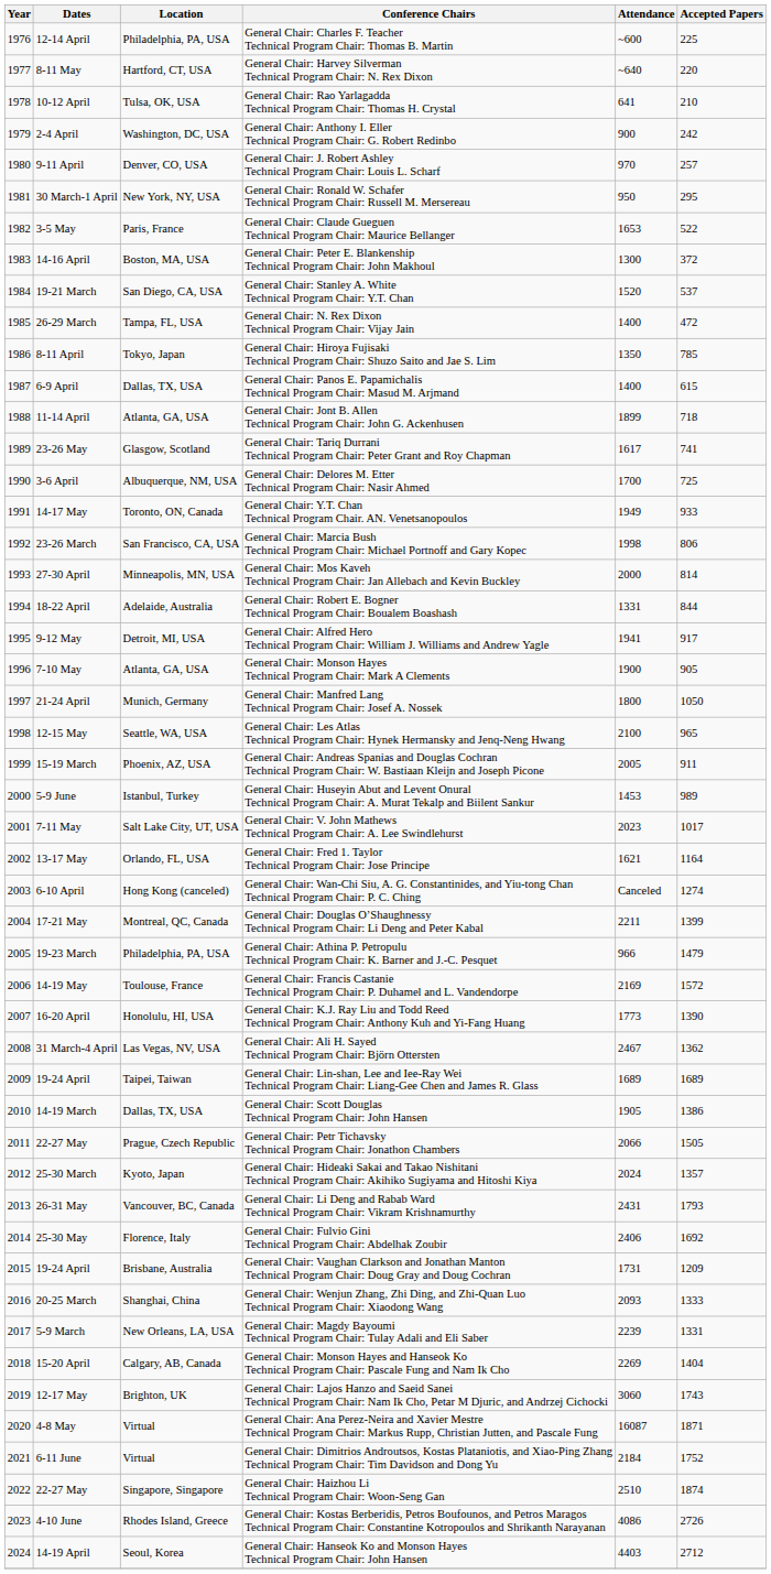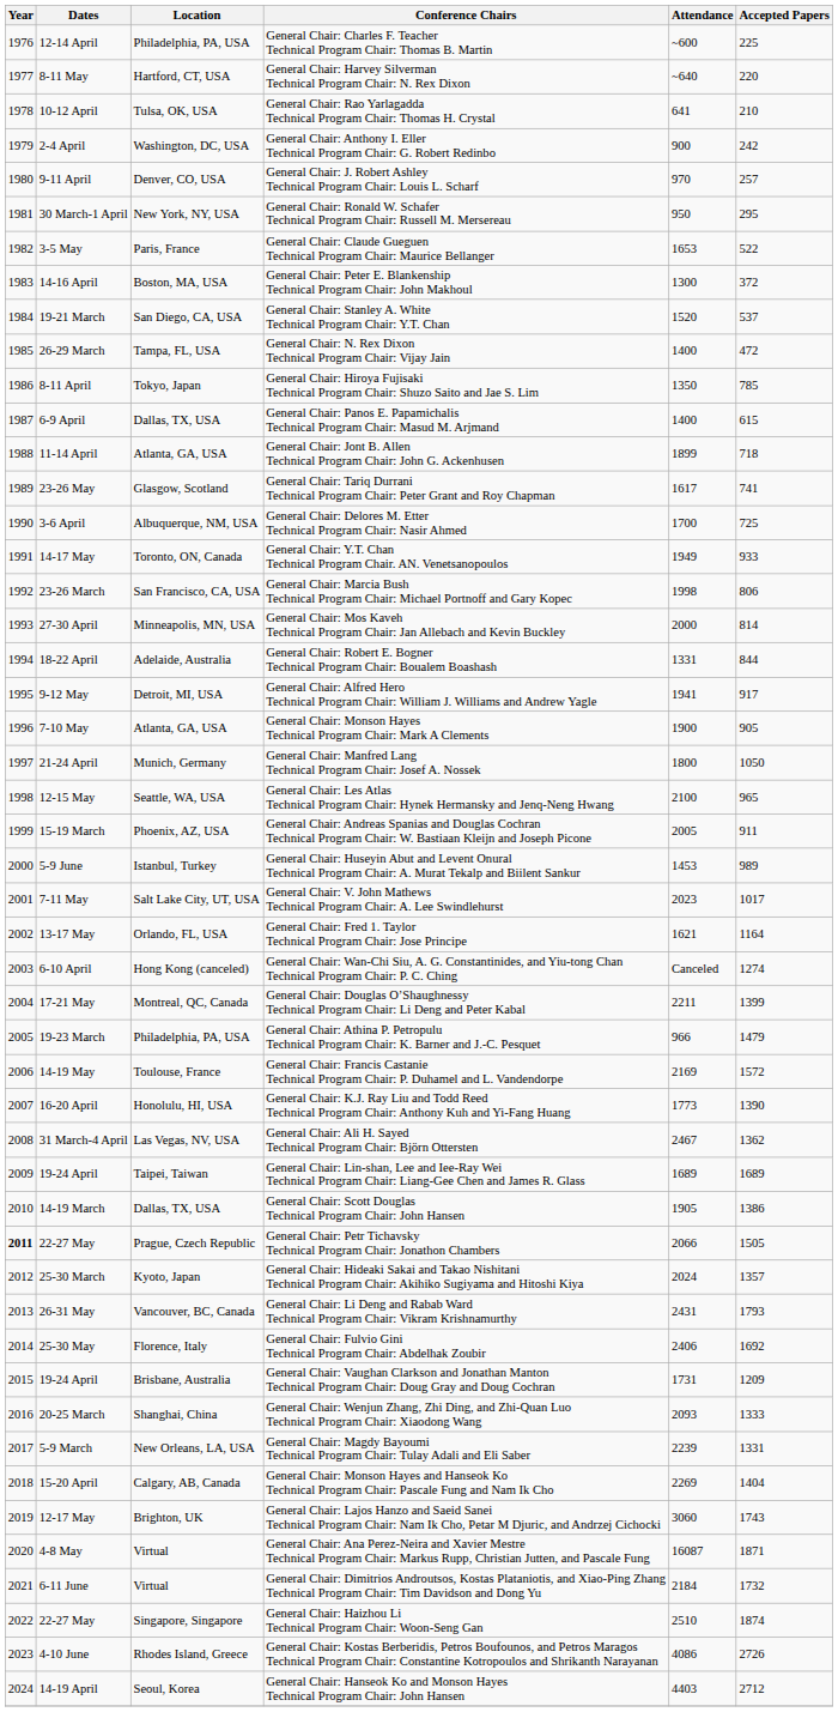 <table class="wikitable sortable mw-collapsible">
 <tr>
 <th>Year</th>
 <th>Dates</th>
 <th>Location</th>
 <th><strong>Conference Chairs</strong></th>
 <th><strong>Attendance</strong></th>
 <th>Accepted Papers</th>
 </tr>
 <tr>
 <td>1976</td>
 <td>12-14 April</td>
 <td>Philadelphia, PA, USA</td>
 <td>General Chair: Charles F. Teacher<br>Technical Program Chair: Thomas B. Martin</td>
 <td>~600</td>
 <td>225</td>
 </tr>
 <tr>
 <td>1977</td>
 <td>8-11 May</td>
 <td>Hartford, CT, USA</td>
 <td>General Chair: Harvey Silverman<br>Technical Program Chair: N. Rex Dixon</td>
 <td>~640</td>
 <td>220</td>
 </tr>
 <tr>
 <td>1978</td>
 <td>10-12 April</td>
 <td>Tulsa, OK, USA</td>
 <td>General Chair: Rao Yarlagadda<br>Technical Program Chair: Thomas H. Crystal</td>
 <td>641</td>
 <td>210</td>
 </tr>
 <tr>
 <td>1979</td>
 <td>2-4 April</td>
 <td>Washington, DC, USA</td>
 <td>General Chair: Anthony I. Eller<br>Technical Program Chair: G. Robert Redinbo</td>
 <td>900</td>
 <td>242</td>
 </tr>
 <tr>
 <td>1980</td>
 <td>9-11 April</td>
 <td>Denver, CO, USA</td>
 <td>General Chair: J. Robert Ashley<br>Technical Program Chair: Louis L. Scharf</td>
 <td>970</td>
 <td>257</td>
 </tr>
 <tr>
 <td>1981</td>
 <td>30 March-1 April</td>
 <td>New York, NY, USA</td>
 <td>General Chair: Ronald W. Schafer<br>Technical Program Chair: Russell M. Mersereau</td>
 <td>950</td>
 <td>295</td>
 </tr>
 <tr>
 <td>1982</td>
 <td>3-5 May</td>
 <td>Paris, France</td>
 <td>General Chair: Claude Gueguen<br>Technical Program Chair: Maurice Bellanger</td>
 <td>1653</td>
 <td>522</td>
 </tr>
 <tr>
 <td>1983</td>
 <td>14-16 April</td>
 <td>Boston, MA, USA</td>
 <td>General Chair: Peter E. Blankenship<br>Technical Program Chair: John Makhoul</td>
 <td>1300</td>
 <td>372</td>
 </tr>
 <tr>
 <td>1984</td>
 <td>19-21 March</td>
 <td>San Diego, CA, USA</td>
 <td>General Chair: Stanley A. White<br>Technical Program Chair: Y.T. Chan</td>
 <td>1520</td>
 <td>537</td>
 </tr>
 <tr>
 <td>1985</td>
 <td>26-29 March</td>
 <td>Tampa, FL, USA</td>
 <td>General Chair: N. Rex Dixon<br>Technical Program Chair: Vijay Jain</td>
 <td>1400</td>
 <td>472</td>
 </tr>
 <tr>
 <td>1986</td>
 <td>8-11 April</td>
 <td>Tokyo, Japan</td>
 <td>General Chair: Hiroya Fujisaki<br>Technical Program Chair: Shuzo Saito and Jae S. Lim</td>
 <td>1350</td>
 <td>785</td>
 </tr>
 <tr>
 <td>1987</td>
 <td>6-9 April</td>
 <td>Dallas, TX, USA</td>
 <td>General Chair: Panos E. Papamichalis<br>Technical Program Chair: Masud M. Arjmand</td>
 <td>1400</td>
 <td>615</td>
 </tr>
 <tr>
 <td>1988</td>
 <td>11-14 April</td>
 <td>Atlanta, GA, USA</td>
 <td>General Chair: Jont B. Allen<br>Technical Program Chair: John G. Ackenhusen</td>
 <td>1899</td>
 <td>718</td>
 </tr>
 <tr>
 <td>1989</td>
 <td>23-26 May</td>
 <td>Glasgow, Scotland</td>
 <td>General Chair: Tariq Durrani<br>Technical Program Chair: Peter Grant and Roy Chapman</td>
 <td>1617</td>
 <td>741</td>
 </tr>
 <tr>
 <td>1990</td>
 <td>3-6 April</td>
 <td>Albuquerque, NM, USA</td>
 <td>General Chair: Delores M. Etter<br>Technical Program Chair: Nasir Ahmed</td>
 <td>1700</td>
 <td>725</td>
 </tr>
 <tr>
 <td>1991</td>
 <td>14-17 May</td>
 <td>Toronto, ON, Canada</td>
 <td>General Chair: Y.T. Chan<br>Technical Program Chair. AN. Venetsanopoulos</td>
 <td>1949</td>
 <td>933</td>
 </tr>
 <tr>
 <td>1992</td>
 <td>23-26 March</td>
 <td>San Francisco, CA, USA</td>
 <td>General Chair: Marcia Bush<br>Technical Program Chair: Michael Portnoff and Gary Kopec</td>
 <td>1998</td>
 <td>806</td>
 </tr>
 <tr>
 <td>1993</td>
 <td>27-30 April</td>
 <td>Minneapolis, MN, USA</td>
 <td>General Chair: Mos Kaveh<br>Technical Program Chair: Jan Allebach and Kevin Buckley</td>
 <td>2000</td>
 <td>814</td>
 </tr>
 <tr>
 <td>1994</td>
 <td>18-22 April</td>
 <td>Adelaide, Australia</td>
 <td>General Chair: Robert E. Bogner<br>Technical Program Chair: Boualem Boashash</td>
 <td>1331</td>
 <td>844</td>
 </tr>
 <tr>
 <td>1995</td>
 <td>9-12 May</td>
 <td>Detroit, MI, USA</td>
 <td>General Chair: Alfred Hero<br>Technical Program Chair: William J. Williams and Andrew Yagle</td>
 <td>1941</td>
 <td>917</td>
 </tr>
 <tr>
 <td>1996</td>
 <td>7-10 May</td>
 <td>Atlanta, GA, USA</td>
 <td>General Chair: Monson Hayes<br>Technical Program Chair: Mark A Clements</td>
 <td>1900</td>
 <td>905</td>
 </tr>
 <tr>
 <td>1997</td>
 <td>21-24 April</td>
 <td>Munich, Germany</td>
 <td>General Chair: Manfred Lang<br>Technical Program Chair: Josef A. Nossek</td>
 <td>1800</td>
 <td>1050</td>
 </tr>
 <tr>
 <td>1998</td>
 <td>12-15 May</td>
 <td>Seattle, WA, USA</td>
 <td>General Chair: Les Atlas<br>Technical Program Chair: Hynek Hermansky and Jenq-Neng Hwang</td>
 <td>2100</td>
 <td>965</td>
 </tr>
 <tr>
 <td>1999</td>
 <td>15-19 March</td>
 <td>Phoenix, AZ, USA</td>
 <td>General Chair: Andreas Spanias and Douglas Cochran<br>Technical Program Chair: W. Bastiaan Kleijn and Joseph Picone</td>
 <td>2005</td>
 <td>911</td>
 </tr>
 <tr>
 <td>2000</td>
 <td>5-9 June</td>
 <td>Istanbul, Turkey</td>
 <td>General Chair: Huseyin Abut and Levent Onural<br>Technical Program Chair: A. Murat Tekalp and Biilent Sankur</td>
 <td>1453</td>
 <td>989</td>
 </tr>
 <tr>
 <td>2001</td>
 <td>7-11 May</td>
 <td>Salt Lake City, UT, USA</td>
 <td>General Chair: V. John Mathews<br>Technical Program Chair: A. Lee Swindlehurst</td>
 <td>2023</td>
 <td>1017</td>
 </tr>
 <tr>
 <td>2002</td>
 <td>13-17 May</td>
 <td>Orlando, FL, USA</td>
 <td>General Chair: Fred 1. Taylor<br>Technical Program Chair: Jose Principe</td>
 <td>1621</td>
 <td>1164</td>
 </tr>
 <tr>
 <td>2003</td>
 <td>6-10 April</td>
 <td>Hong Kong (canceled)</td>
 <td>General Chair: Wan-Chi Siu, A. G. Constantinides, and Yiu-tong Chan<br>Technical Program Chair: P. C. Ching</td>
 <td>Canceled</td>
 <td>1274</td>
 </tr>
 <tr>
 <td>2004</td>
 <td>17-21 May</td>
 <td>Montreal, QC, Canada</td>
 <td>General Chair: Douglas O’Shaughnessy<br>Technical Program Chair: Li Deng and Peter Kabal</td>
 <td>2211</td>
 <td>1399</td>
 </tr>
 <tr>
 <td>2005</td>
 <td>19-23 March</td>
 <td>Philadelphia, PA, USA</td>
 <td>General Chair: Athina P. Petropulu<br>Technical Program Chair: K. Barner and J.-C. Pesquet</td>
 <td>966</td>
 <td>1479</td>
 </tr>
 <tr>
 <td>2006</td>
 <td>14-19 May</td>
 <td>Toulouse, France</td>
 <td>General Chair: Francis Castanie<br>Technical Program Chair: P. Duhamel and L. Vandendorpe</td>
 <td>2169</td>
 <td>1572</td>
 </tr>
 <tr>
 <td>2007</td>
 <td>16-20 April</td>
 <td>Honolulu, HI, USA</td>
 <td>General Chair: K.J. Ray Liu and Todd Reed<br>Technical Program Chair: Anthony Kuh and Yi-Fang Huang</td>
 <td>1773</td>
 <td>1390</td>
 </tr>
 <tr>
 <td>2008</td>
 <td>31 March-4 April</td>
 <td>Las Vegas, NV, USA</td>
 <td>General Chair: Ali H. Sayed<br>Technical Program Chair: Björn Ottersten</td>
 <td>2467</td>
 <td>1362</td>
 </tr>
 <tr>
 <td>2009</td>
 <td>19-24 April</td>
 <td>Taipei, Taiwan</td>
 <td>General Chair: Lin-shan, Lee and Iee-Ray Wei<br>Technical Program Chair: Liang-Gee Chen and James R. Glass</td>
 <td>1689</td>
 <td>1689</td>
 </tr>
 <tr>
 <td>2010</td>
 <td>14-19 March</td>
 <td>Dallas, TX, USA</td>
 <td>General Chair: Scott Douglas<br>Technical Program Chair: John Hansen</td>
 <td>1905</td>
 <td>1386</td>
 </tr>
 <tr>
-<td>2011</td>
+<td><strong>2011</strong></td>
 <td>22-27 May</td>
 <td>Prague, Czech Republic</td>
 <td>General Chair: Petr Tichavsky<br>Technical Program Chair: Jonathon Chambers</td>
 <td>2066</td>
 <td>1505</td>
 </tr>
 <tr>
 <td>2012</td>
 <td>25-30 March</td>
 <td>Kyoto, Japan</td>
 <td>General Chair: Hideaki Sakai and Takao Nishitani<br>Technical Program Chair: Akihiko Sugiyama and Hitoshi Kiya</td>
 <td>2024</td>
 <td>1357</td>
 </tr>
 <tr>
 <td>2013</td>
 <td>26-31 May</td>
 <td>Vancouver, BC, Canada</td>
 <td>General Chair: Li Deng and Rabab Ward<br>Technical Program Chair: Vikram Krishnamurthy</td>
 <td>2431</td>
 <td>1793</td>
 </tr>
 <tr>
 <td>2014</td>
 <td>25-30 May</td>
 <td>Florence, Italy</td>
 <td>General Chair: Fulvio Gini<br>Technical Program Chair: Abdelhak Zoubir</td>
 <td>2406</td>
 <td>1692</td>
 </tr>
 <tr>
 <td>2015</td>
 <td>19-24 April</td>
 <td>Brisbane, Australia</td>
 <td>General Chair: Vaughan Clarkson and Jonathan Manton<br>Technical Program Chair: Doug Gray and Doug Cochran</td>
 <td>1731</td>
 <td>1209</td>
 </tr>
 <tr>
 <td>2016</td>
 <td>20-25 March</td>
 <td>Shanghai, China</td>
 <td>General Chair: Wenjun Zhang, Zhi Ding, and Zhi-Quan Luo<br>Technical Program Chair: Xiaodong Wang</td>
 <td>2093</td>
 <td>1333</td>
 </tr>
 <tr>
 <td>2017</td>
 <td>5-9 March</td>
 <td>New Orleans, LA, USA</td>
 <td>General Chair: Magdy Bayoumi<br>Technical Program Chair: Tulay Adali and Eli Saber</td>
 <td>2239</td>
 <td>1331</td>
 </tr>
 <tr>
 <td>2018</td>
 <td>15-20 April</td>
 <td>Calgary, AB, Canada</td>
 <td>General Chair: Monson Hayes and Hanseok Ko<br>Technical Program Chair: Pascale Fung and Nam Ik Cho</td>
 <td>2269</td>
 <td>1404</td>
 </tr>
 <tr>
 <td>2019</td>
 <td>12-17 May</td>
 <td>Brighton, UK</td>
 <td>General Chair: Lajos Hanzo and Saeid Sanei<br>Technical Program Chair: Nam Ik Cho, Petar M Djuric, and Andrzej Cichocki</td>
 <td>3060</td>
 <td>1743</td>
 </tr>
 <tr>
 <td>2020</td>
 <td>4-8 May</td>
 <td>Virtual</td>
 <td>General Chair: Ana Perez-Neira and Xavier Mestre<br>Technical Program Chair: Markus Rupp, Christian Jutten, and Pascale Fung</td>
 <td>16087</td>
 <td>1871</td>
 </tr>
 <tr>
 <td>2021</td>
 <td>6-11 June</td>
 <td>Virtual</td>
 <td>General Chair: Dimitrios Androutsos, Kostas Plataniotis, and Xiao-Ping Zhang<br>Technical Program Chair: Tim Davidson and Dong Yu</td>
 <td>2184</td>
-<td>1752</td>
+<td>1732</td>
 </tr>
 <tr>
 <td>2022</td>
 <td>22-27 May</td>
 <td>Singapore, Singapore</td>
 <td>General Chair: Haizhou Li<br>Technical Program Chair: Woon-Seng Gan</td>
 <td>2510</td>
 <td>1874</td>
 </tr>
 <tr>
 <td>2023</td>
 <td>4-10 June</td>
 <td>Rhodes Island, Greece</td>
 <td>General Chair: Kostas Berberidis, Petros Boufounos, and Petros Maragos<br>Technical Program Chair: Constantine Kotropoulos and Shrikanth Narayanan</td>
 <td>4086</td>
 <td>2726</td>
 </tr>
 <tr>
 <td>2024</td>
 <td>14-19 April</td>
 <td>Seoul, Korea</td>
 <td>General Chair: Hanseok Ko and Monson Hayes<br>Technical Program Chair: John Hansen</td>
 <td>4403</td>
 <td>2712</td>
 </tr>
 <tr>
 </tr>
 </table>
